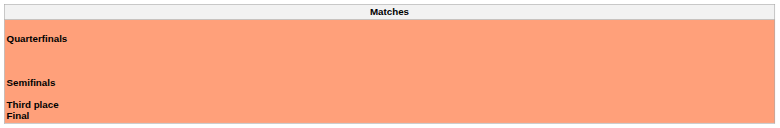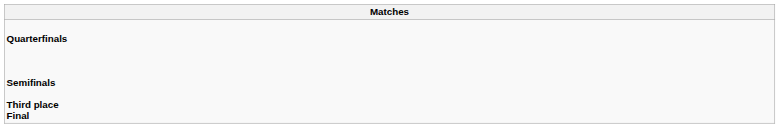 <table class="wikitable collapsible collapsed" style="width:100%;">
 <tr>
 <th>Matches</th>
 </tr>
 <tr>
-<td style="background: lightsalmon;"><br><strong>Quarterfinals</strong> <br><br><br><br><strong>Semifinals</strong> <br><br><strong>Third place</strong> <br><strong>Final</strong> </td>
+<td><br><strong>Quarterfinals</strong> <br><br><br><br><strong>Semifinals</strong> <br><br><strong>Third place</strong> <br><strong>Final</strong> </td>
 </tr>
 </table>
